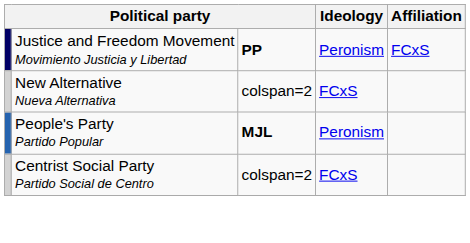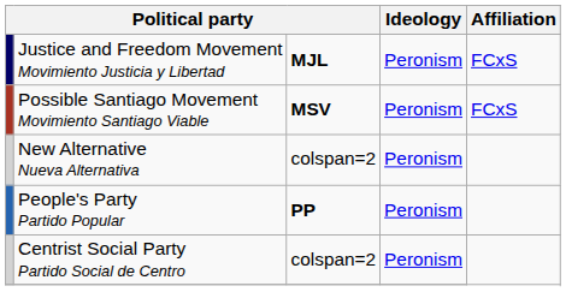 <table class="wikitable">
 <tr>
 <th colspan=3>Political party</th>
 <th>Ideology</th>
 <th>Affiliation</th>
 </tr>
 <tr>
 <th style="background:#010066;"></th>
 <td>Justice and Freedom Movement<br><small><em>Movimiento Justicia y Libertad</em></small></td>
-<td><strong>PP</strong></td>
+<td><strong>MJL</strong></td>
+<td><a href='#'>Peronism</a></td>
+<td><a href='#'>FCxS</a></td>
+</tr>
+<tr>
+<th style="background:#a73223;"></th>
+<td>Possible Santiago Movement<br><small><em>Movimiento Santiago Viable</em></small></td>
+<td><strong>MSV</strong></td>
 <td><a href='#'>Peronism</a></td>
 <td><a href='#'>FCxS</a></td>
 </tr>
 <tr>
 <th style="background:#D3D3D3;"></th>
 <td>New Alternative<br><small><em>Nueva Alternativa</em></small></td>
 <td>colspan=2 </td>
-<td><a href='#'>FCxS</a></td>
+<td><a href='#'>Peronism</a></td>
 </tr>
 <tr>
 <th style="background:#2563af;"></th>
 <td>People's Party<br><small><em>Partido Popular</em></small></td>
-<td><strong>MJL</strong></td>
+<td><strong>PP</strong></td>
 <td><a href='#'>Peronism</a></td>
 <td></td>
 </tr>
 <tr>
 <th style="background:#D3D3D3;"></th>
 <td>Centrist Social Party<br><small><em>Partido Social de Centro</em></small></td>
 <td>colspan=2 </td>
-<td><a href='#'>FCxS</a></td>
+<td><a href='#'>Peronism</a></td>
 </tr>
 <tr>
 </tr>
 </table>
